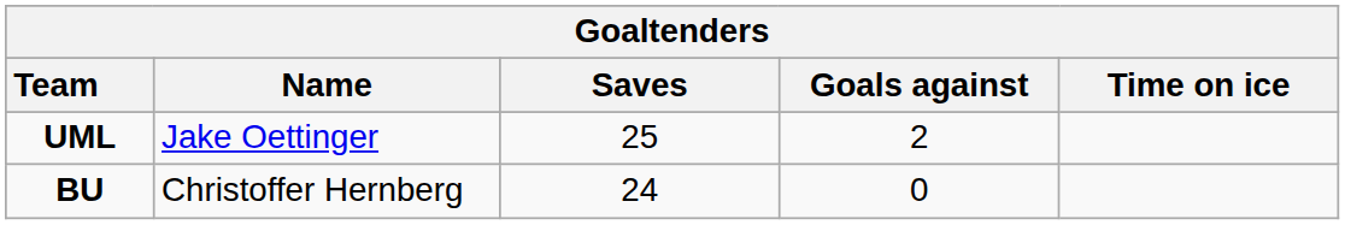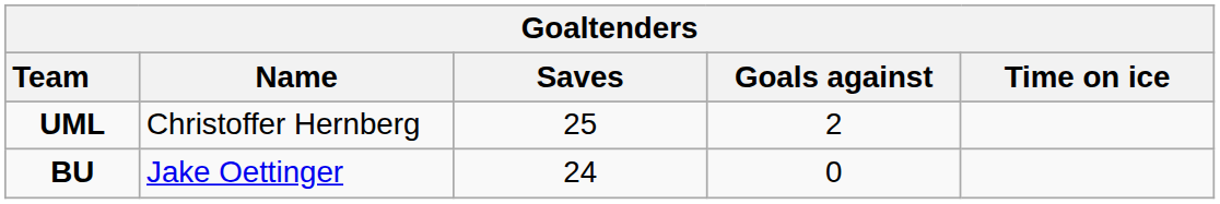 <table class="wikitable" style="width:40em; text-align:right;">
 <tr>
 <th colspan=5>Goaltenders</th>
 </tr>
 <tr>
 <th style="width:4em; text-align:left;">Team</th>
 <th style="width:10em;">Name</th>
 <th style="width:8em;">Saves</th>
 <th style="width:8em;">Goals against</th>
 <th style="width:8em;">Time on ice</th>
 </tr>
 <tr>
 <td align=center><strong>UML</strong></td>
-<td style="text-align:left;"><a href='#'>Jake Oettinger</a></td>
+<td style="text-align:left;">Christoffer Hernberg</td>
 <td align=center>25</td>
 <td align=center>2</td>
 <td align=center></td>
 </tr>
 <tr>
 <td align=center><strong>BU</strong></td>
-<td style="text-align:left;">Christoffer Hernberg</td>
+<td style="text-align:left;"><a href='#'>Jake Oettinger</a></td>
 <td align=center>24</td>
 <td align=center>0</td>
 <td align=center></td>
 </tr>
 </table>
